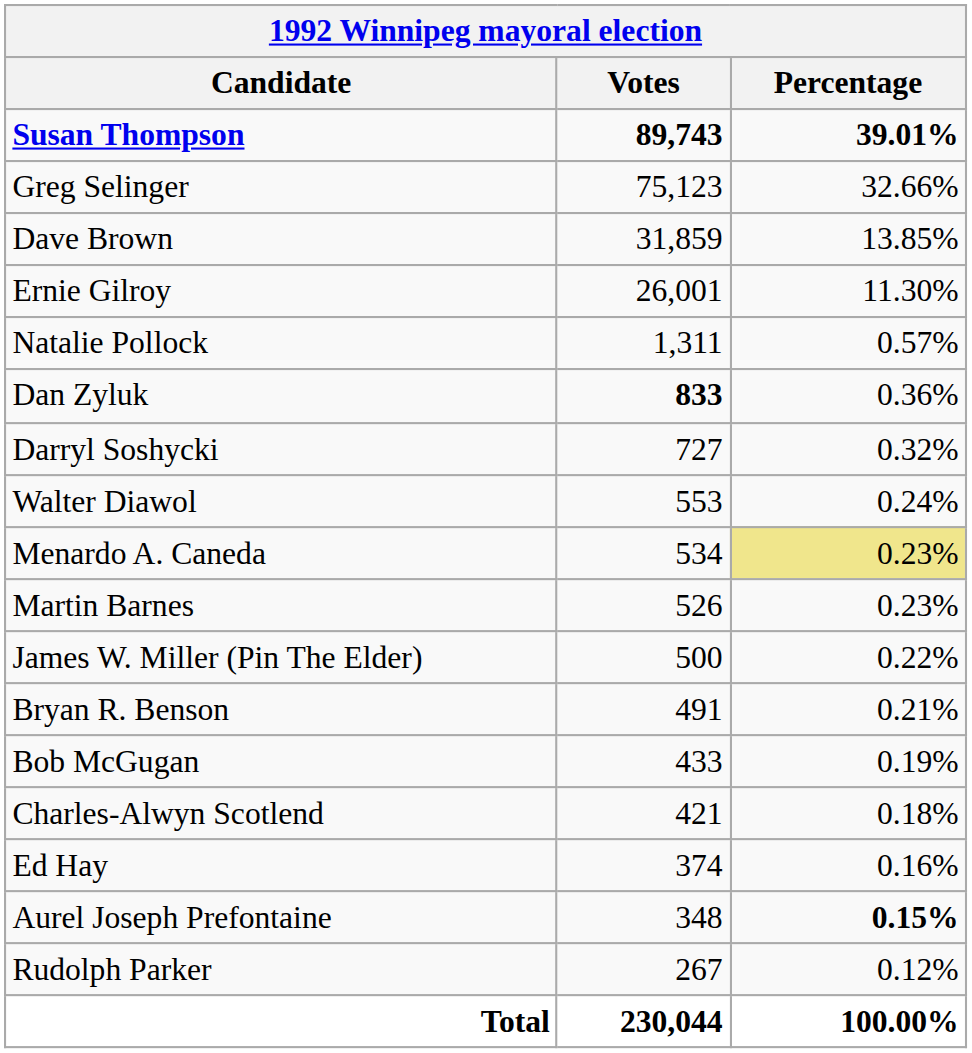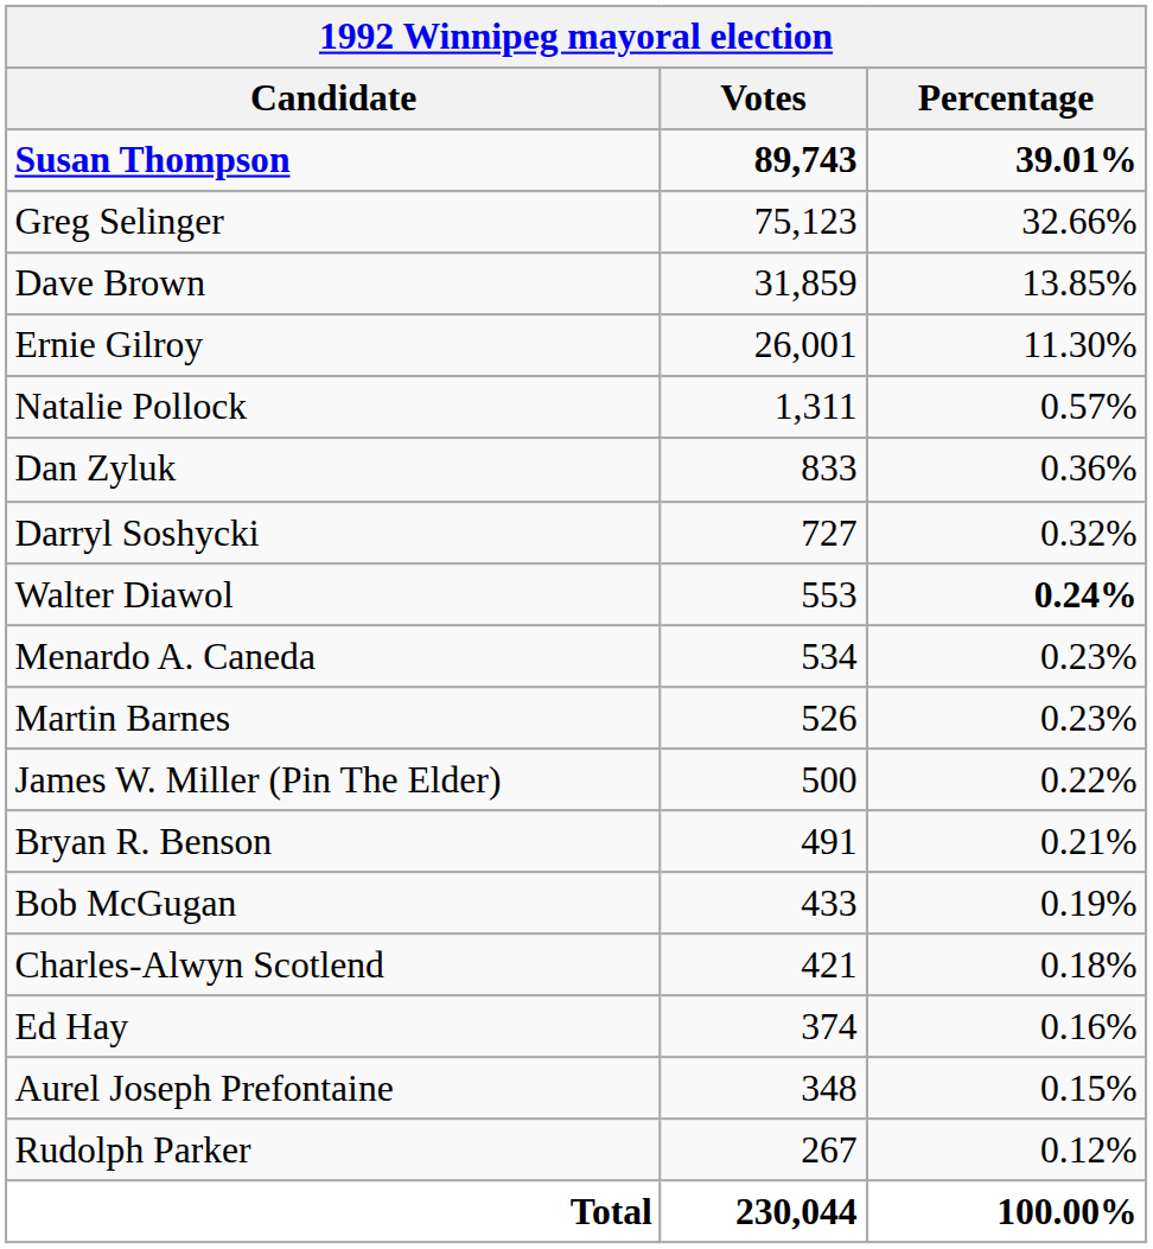 <table class="wikitable" style="font-size: 95%;">
 <tr>
 <th colspan="3"><a href='#'>1992 Winnipeg mayoral election</a></th>
 </tr>
 <tr>
 <th style="width: 17em">Candidate</th>
 <th style="width: 5em">Votes</th>
 <th style="width: 7em">Percentage</th>
 </tr>
 <tr>
 <td><strong><a href='#'>Susan Thompson</a></strong></td>
 <td align="right"><strong>89,743</strong></td>
 <td align="right"><strong>39.01%</strong></td>
 </tr>
 <tr>
 <td>Greg Selinger</td>
 <td align="right">75,123</td>
 <td align="right">32.66%</td>
 </tr>
 <tr>
 <td>Dave Brown</td>
 <td align="right">31,859</td>
 <td align="right">13.85%</td>
 </tr>
 <tr>
 <td>Ernie Gilroy</td>
 <td align="right">26,001</td>
 <td align="right">11.30%</td>
 </tr>
 <tr>
 <td>Natalie Pollock</td>
 <td align="right">1,311</td>
 <td align="right">0.57%</td>
 </tr>
 <tr>
 <td>Dan Zyluk</td>
-<td align="right"><strong>833</strong></td>
+<td align="right">833</td>
 <td align="right">0.36%</td>
 </tr>
 <tr>
 <td>Darryl Soshycki</td>
 <td align="right">727</td>
 <td align="right">0.32%</td>
 </tr>
 <tr>
 <td>Walter Diawol</td>
 <td align="right">553</td>
-<td align="right">0.24%</td>
+<td align="right"><strong>0.24%</strong></td>
 </tr>
 <tr>
 <td>Menardo A. Caneda</td>
 <td align="right">534</td>
-<td align="right" style="background: khaki;">0.23%</td>
+<td align="right">0.23%</td>
 </tr>
 <tr>
 <td>Martin Barnes</td>
 <td align="right">526</td>
 <td align="right">0.23%</td>
 </tr>
 <tr>
 <td>James W. Miller (Pin The Elder)</td>
 <td align="right">500</td>
 <td align="right">0.22%</td>
 </tr>
 <tr>
 <td>Bryan R. Benson</td>
 <td align="right">491</td>
 <td align="right">0.21%</td>
 </tr>
 <tr>
 <td>Bob McGugan</td>
 <td align="right">433</td>
 <td align="right">0.19%</td>
 </tr>
 <tr>
 <td>Charles-Alwyn Scotlend</td>
 <td align="right">421</td>
 <td align="right">0.18%</td>
 </tr>
 <tr>
 <td>Ed Hay</td>
 <td align="right">374</td>
 <td align="right">0.16%</td>
 </tr>
 <tr>
 <td>Aurel Joseph Prefontaine</td>
 <td align="right">348</td>
-<td align="right"><strong>0.15%</strong></td>
+<td align="right">0.15%</td>
 </tr>
 <tr>
 <td>Rudolph Parker</td>
 <td align="right">267</td>
 <td align="right">0.12%</td>
 </tr>
 <tr bgcolor="white">
 <td align="right"><strong>Total</strong></td>
 <td align="right"><strong>230,044</strong></td>
 <td align="right"><strong>100.00%</strong></td>
 </tr>
 </table>
